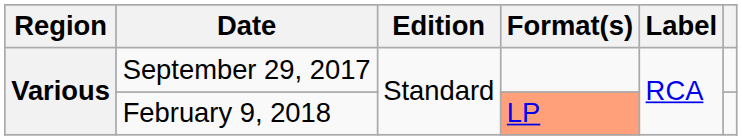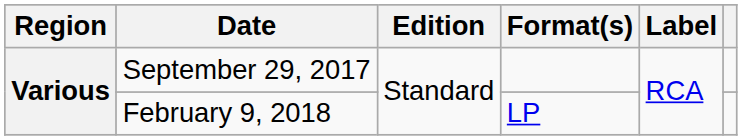 <table class="wikitable plainrowheaders">
 <tr>
 <th scope="col">Region</th>
 <th scope="col">Date</th>
 <th scope="col">Edition</th>
 <th scope="col">Format(s)</th>
 <th scope="col">Label</th>
 <th scope="col"></th>
 </tr>
 <tr>
 <th scope="row" rowspan="2">Various</th>
 <td>September 29, 2017</td>
 <td rowspan="2">Standard</td>
 <td></td>
 <td rowspan="2"><a href='#'>RCA</a></td>
 <td></td>
 </tr>
 <tr>
 <td>February 9, 2018</td>
-<td style="background: lightsalmon;"><a href='#'>LP</a></td>
+<td><a href='#'>LP</a></td>
 <td></td>
 </tr>
 </table>
